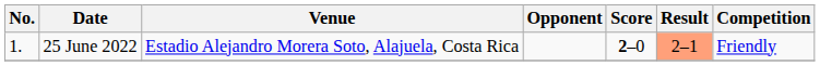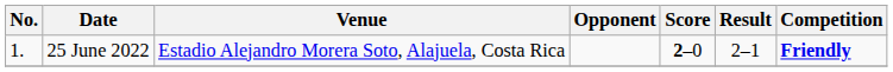 <table class="wikitable">
 <tr>
 <th>No.</th>
 <th>Date</th>
 <th>Venue</th>
 <th>Opponent</th>
 <th>Score</th>
 <th>Result</th>
 <th>Competition</th>
 </tr>
 <tr>
 <td>1.</td>
 <td>25 June 2022</td>
 <td><a href='#'>Estadio Alejandro Morera Soto</a>, <a href='#'>Alajuela</a>, Costa Rica</td>
 <td></td>
 <td align=center><strong>2</strong>–0</td>
-<td align=center style="background: lightsalmon;">2–1</td>
-<td><a href='#'>Friendly</a></td>
+<td align=center>2–1</td>
+<td><strong><a href='#'>Friendly</a></strong></td>
 </tr>
 <tr>
 </tr>
 </table>
